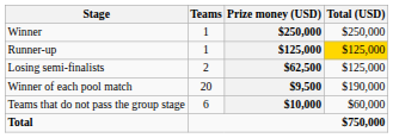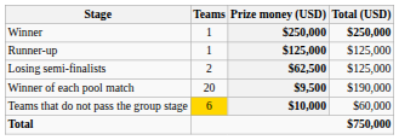 <table class="wikitable plainrowheaders">
 <tr>
 <th scope=col>Stage</th>
 <th scope=col>Teams</th>
 <th scope=col>Prize money (USD)</th>
 <th scope=col>Total (USD)</th>
 </tr>
 <tr>
 <td>Winner</td>
 <td align=center>1</td>
 <th scope=row style=text-align:right;>$250,000</th>
-<td align=right>$250,000</td>
+<td align=right><strong>$250,000</strong></td>
 </tr>
 <tr>
 <td>Runner-up</td>
 <td align=center>1</td>
 <th scope=row style=text-align:right;>$125,000</th>
-<td align=right style="background: gold;">$125,000</td>
+<td align=right>$125,000</td>
 </tr>
 <tr>
 <td>Losing semi-finalists</td>
 <td align=center>2</td>
 <th scope=row style=text-align:right;>$62,500</th>
 <td align=right>$125,000</td>
 </tr>
 <tr>
 <td>Winner of each pool match</td>
 <td align=center>20</td>
 <th scope=row style=text-align:right;>$9,500</th>
 <td align=right>$190,000</td>
 </tr>
 <tr>
 <td>Teams that do not pass the group stage</td>
-<td align=center>6</td>
+<td align=center style="background: gold;">6</td>
 <th scope=row style=text-align:right;>$10,000</th>
 <td align=right>$60,000</td>
 </tr>
 <tr>
 <td><strong>Total</strong></td>
 <td colspan=3 align=right><strong>$750,000</strong></td>
 </tr>
 </table>
